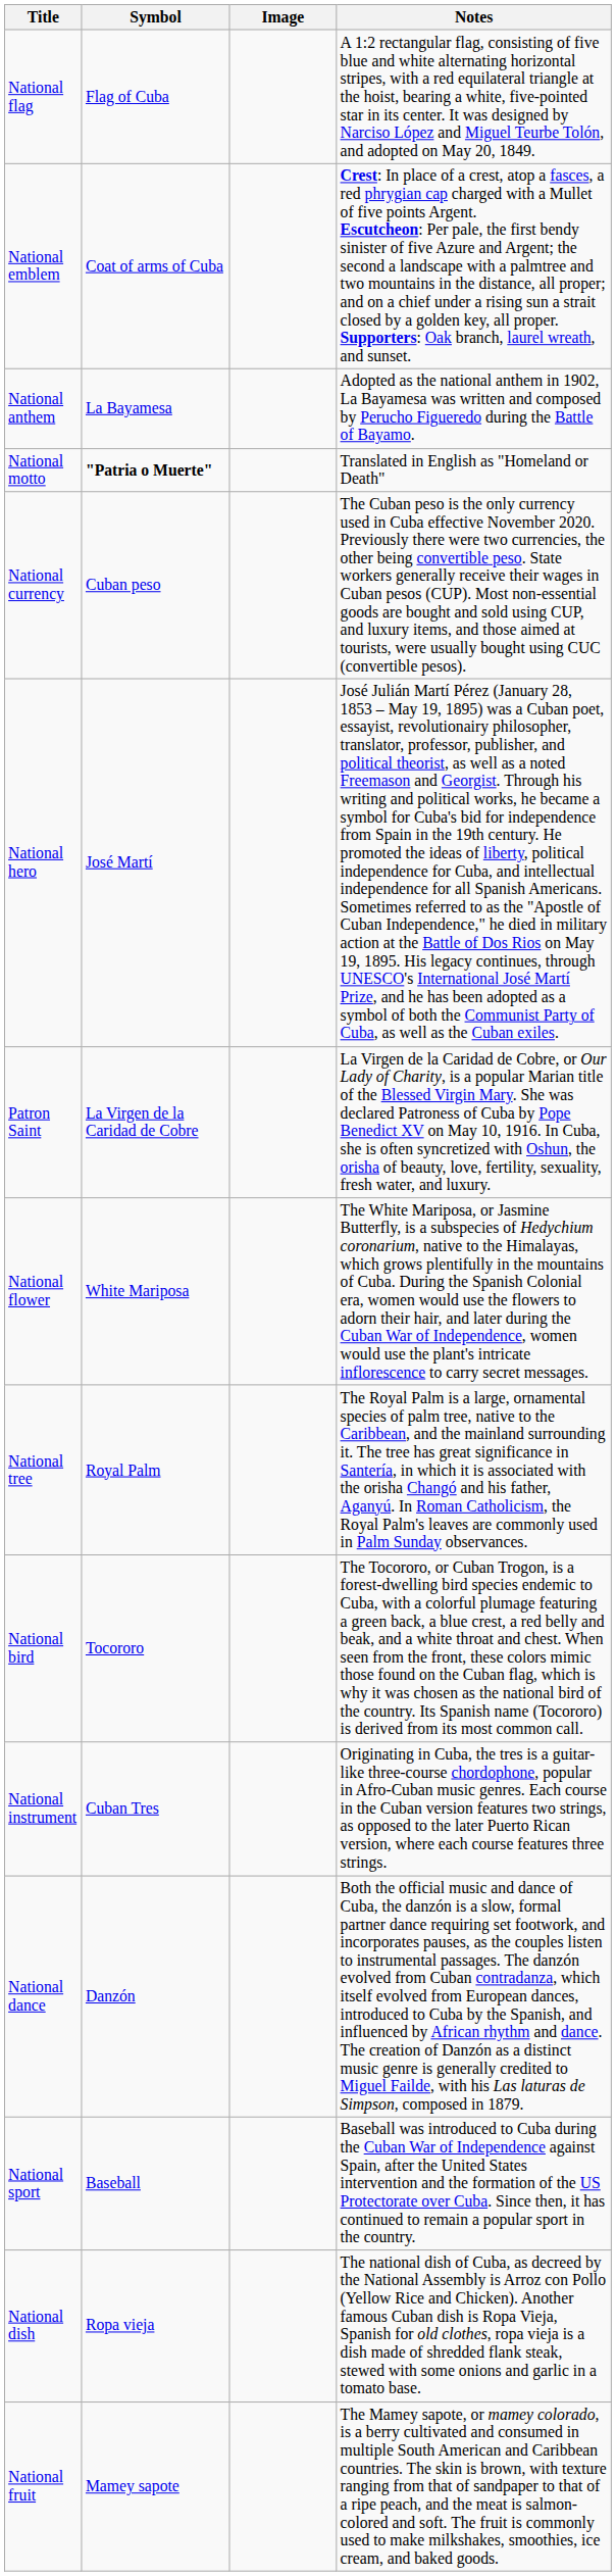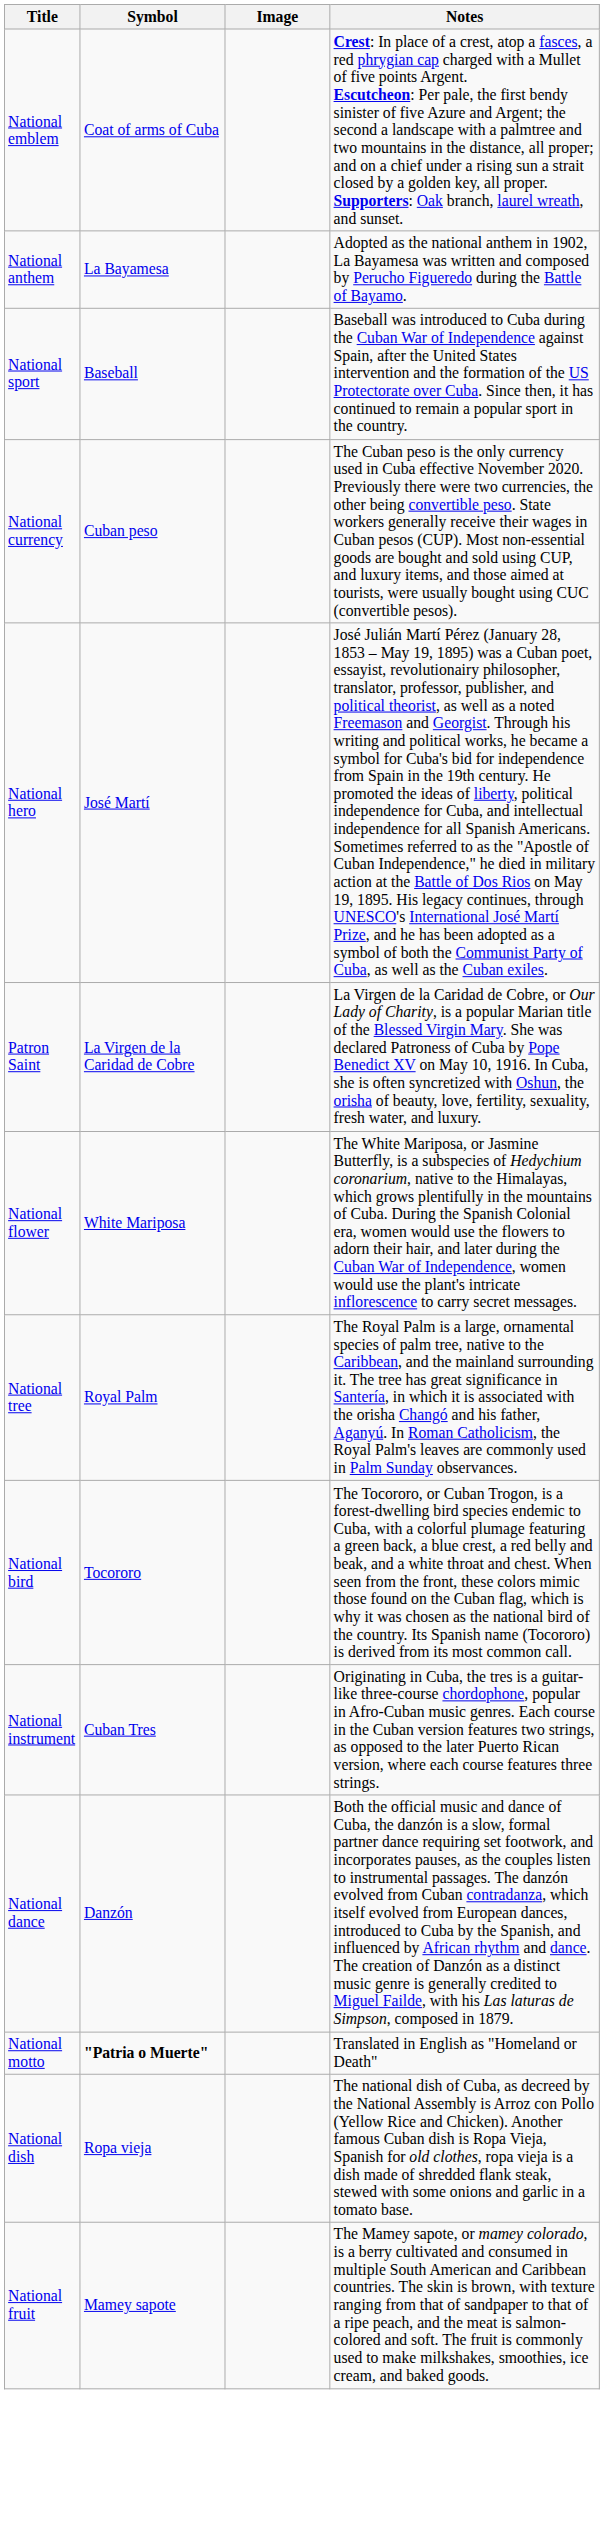 <table class="wikitable">
 <tr>
 <th width=70>Title</th>
 <th width=140>Symbol</th>
 <th width=100>Image</th>
 <th>Notes</th>
-</tr>
-<tr>
-<td><a href='#'>National flag</a></td>
-<td><a href='#'>Flag of Cuba</a></td>
-<td align="center"></td>
-<td>A 1:2 rectangular flag, consisting of five blue and white alternating horizontal stripes, with a red equilateral triangle at the hoist, bearing a white, five-pointed star in its center. It was designed by <a href='#'>Narciso López</a> and <a href='#'>Miguel Teurbe Tolón</a>, and adopted on May 20, 1849.</td>
 </tr>
 <tr>
 <td><a href='#'>National emblem</a></td>
 <td><a href='#'>Coat of arms of Cuba</a></td>
 <td align="center"></td>
 <td><strong><a href='#'>Crest</a></strong>: In place of a crest, atop a <a href='#'>fasces</a>, a red <a href='#'>phrygian cap</a> charged with a Mullet of five points Argent.<br><strong><a href='#'>Escutcheon</a></strong>: Per pale, the first bendy sinister of five Azure and Argent; the second a landscape with a palmtree and two mountains in the distance, all proper; and on a chief under a rising sun a strait closed by a golden key, all proper.<br><strong><a href='#'>Supporters</a></strong>: <a href='#'>Oak</a> branch, <a href='#'>laurel wreath</a>,  and sunset.</td>
 </tr>
 <tr>
 <td><a href='#'>National anthem</a></td>
 <td><a href='#'>La Bayamesa</a></td>
 <td></td>
 <td>Adopted as the national anthem in 1902, La Bayamesa was written and composed by <a href='#'>Perucho Figueredo</a> during the <a href='#'>Battle of Bayamo</a>.</td>
 </tr>
 <tr>
-<td><a href='#'>National motto</a></td>
-<td><strong>"Patria o Muerte"</strong></td>
-<td></td>
-<td>Translated in English as "Homeland or Death"</td>
+<td><a href='#'>National sport</a></td>
+<td><a href='#'>Baseball</a></td>
+<td align="center"></td>
+<td>Baseball was introduced to Cuba during the <a href='#'>Cuban War of Independence</a> against Spain, after the United States intervention and the formation of the <a href='#'>US Protectorate over Cuba</a>. Since then, it has continued to remain a popular sport in the country.</td>
 </tr>
 <tr>
 <td><a href='#'>National currency</a></td>
 <td><a href='#'>Cuban peso</a></td>
 <td align="center"></td>
 <td>The Cuban peso is the only currency used in Cuba effective November 2020. Previously there were two currencies, the other being <a href='#'>convertible peso</a>. State workers generally receive their wages in Cuban pesos (CUP). Most non-essential goods are bought and sold using CUP, and luxury items, and those aimed at tourists, were usually bought using CUC (convertible pesos).</td>
 </tr>
 <tr>
 <td><a href='#'>National hero</a></td>
 <td><a href='#'>José Martí</a></td>
 <td align="center"></td>
 <td>José Julián Martí Pérez (January 28, 1853 – May 19, 1895) was a Cuban poet, essayist, revolutionairy philosopher, translator, professor, publisher, and <a href='#'>political theorist</a>, as well as a noted <a href='#'>Freemason</a> and <a href='#'>Georgist</a>. Through his writing and political works, he became a symbol for Cuba's bid for independence from Spain in the 19th century. He promoted the ideas of <a href='#'>liberty</a>, political independence for Cuba, and intellectual independence for all Spanish Americans. Sometimes referred to as the "Apostle of Cuban Independence," he died in military action at the <a href='#'>Battle of Dos Rios</a> on May 19, 1895. His legacy continues, through <a href='#'>UNESCO</a>'s <a href='#'>International José Martí Prize</a>, and he has been adopted as a symbol of both the <a href='#'>Communist Party of Cuba</a>, as well as the <a href='#'>Cuban exiles</a>.</td>
 </tr>
 <tr>
 <td><a href='#'>Patron Saint</a></td>
 <td><a href='#'>La Virgen de la Caridad de Cobre</a></td>
 <td align="center"></td>
 <td>La Virgen de la Caridad de Cobre, or <em>Our Lady of Charity</em>, is a popular Marian title of the <a href='#'>Blessed Virgin Mary</a>. She was declared Patroness of Cuba by <a href='#'>Pope Benedict XV</a> on May 10, 1916. In Cuba, she is often syncretized with <a href='#'>Oshun</a>, the <a href='#'>orisha</a> of beauty, love, fertility, sexuality, fresh water, and luxury.</td>
 </tr>
 <tr>
 <td><a href='#'>National flower</a></td>
 <td><a href='#'>White Mariposa</a></td>
 <td align="center"></td>
 <td>The White Mariposa, or Jasmine Butterfly, is a subspecies of <em>Hedychium coronarium</em>, native to the Himalayas, which grows plentifully in the mountains of Cuba. During the Spanish Colonial era, women would use the flowers to adorn their hair, and later during the <a href='#'>Cuban War of Independence</a>, women would use the plant's intricate <a href='#'>inflorescence</a> to carry secret messages.</td>
 </tr>
 <tr>
 <td><a href='#'>National tree</a></td>
 <td><a href='#'>Royal Palm</a></td>
 <td align="center"></td>
 <td>The Royal Palm is a large, ornamental species of palm tree, native to the <a href='#'>Caribbean</a>, and the mainland surrounding it. The tree has great significance in <a href='#'>Santería</a>, in which it is associated with the orisha <a href='#'>Changó</a> and his father, <a href='#'>Aganyú</a>. In <a href='#'>Roman Catholicism</a>, the Royal Palm's leaves are commonly used in <a href='#'>Palm Sunday</a> observances.</td>
 </tr>
 <tr>
 <td><a href='#'>National bird</a></td>
 <td><a href='#'>Tocororo</a></td>
 <td align="center"></td>
 <td>The Tocororo, or Cuban Trogon, is a forest-dwelling bird species endemic to Cuba, with a colorful plumage featuring a green back, a blue crest, a red belly and beak, and a white throat and chest. When seen from the front, these colors mimic those found on the Cuban flag, which is why it was chosen as the national bird of the country. Its Spanish name (Tocororo) is derived from its most common call.</td>
 </tr>
 <tr>
 <td><a href='#'>National instrument</a></td>
 <td><a href='#'>Cuban Tres</a></td>
 <td align="center"></td>
 <td>Originating in Cuba, the tres is a guitar-like three-course <a href='#'>chordophone</a>, popular in Afro-Cuban music genres. Each course in the Cuban version features two strings, as opposed to the later Puerto Rican version, where each course features three strings.</td>
 </tr>
 <tr>
 <td><a href='#'>National dance</a></td>
 <td><a href='#'>Danzón</a></td>
 <td align="center"></td>
 <td>Both the official music and dance of Cuba, the danzón is a slow, formal partner dance requiring set footwork, and incorporates pauses, as the couples listen to instrumental passages. The danzón evolved from Cuban <a href='#'>contradanza</a>, which itself evolved from European dances, introduced to Cuba by the Spanish, and influenced by <a href='#'>African rhythm</a> and <a href='#'>dance</a>. The creation of Danzón as a distinct music genre is generally credited to <a href='#'>Miguel Failde</a>, with his <em>Las laturas de Simpson</em>, composed in 1879.</td>
 </tr>
 <tr>
-<td><a href='#'>National sport</a></td>
-<td><a href='#'>Baseball</a></td>
-<td align="center"></td>
-<td>Baseball was introduced to Cuba during the <a href='#'>Cuban War of Independence</a> against Spain, after the United States intervention and the formation of the <a href='#'>US Protectorate over Cuba</a>. Since then, it has continued to remain a popular sport in the country.</td>
+<td><a href='#'>National motto</a></td>
+<td><strong>"Patria o Muerte"</strong></td>
+<td></td>
+<td>Translated in English as "Homeland or Death"</td>
 </tr>
 <tr>
 <td><a href='#'>National dish</a></td>
 <td><a href='#'>Ropa vieja</a></td>
 <td align="center"></td>
 <td>The national dish of Cuba, as decreed by the National Assembly is Arroz con Pollo (Yellow Rice and Chicken). Another famous Cuban dish is Ropa Vieja, Spanish for <em>old clothes</em>, ropa vieja is a dish made of shredded flank steak, stewed with some onions and garlic in a tomato base.</td>
 </tr>
 <tr>
 <td><a href='#'>National fruit</a></td>
 <td><a href='#'>Mamey sapote</a></td>
 <td align="center"></td>
 <td>The Mamey sapote, or <em>mamey colorado</em>, is a berry cultivated and consumed in multiple South American and Caribbean countries. The skin is brown, with texture ranging from that of sandpaper to that of a ripe peach, and the meat is salmon-colored and soft. The fruit is commonly used to make milkshakes, smoothies, ice cream, and baked goods.</td>
 </tr>
 </table>
